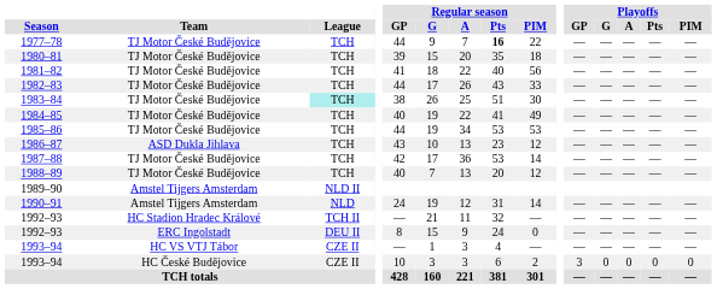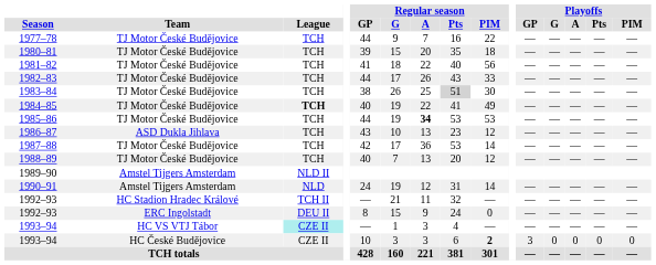 <table border="0" cellpadding="1" cellspacing="0" style="text-align:center; width:60em">
 <tr bgcolor="#e0e0e0">
 <th colspan="3" bgcolor="#ffffff"> </th>
 <th rowspan="99" bgcolor="#ffffff"> </th>
 <th colspan="5"><a href='#'>Regular season</a></th>
 <th rowspan="99" bgcolor="#ffffff"> </th>
 <th colspan="5"><a href='#'>Playoffs</a></th>
 </tr>
 <tr bgcolor="#e0e0e0">
 <th><a href='#'>Season</a></th>
 <th>Team</th>
 <th>League</th>
 <th>GP</th>
 <th><a href='#'>G</a></th>
 <th><a href='#'>A</a></th>
 <th><a href='#'>Pts</a></th>
 <th><a href='#'>PIM</a></th>
 <th>GP</th>
 <th>G</th>
 <th>A</th>
 <th>Pts</th>
 <th>PIM</th>
 </tr>
 <tr>
 <td><a href='#'>1977–78</a></td>
 <td><a href='#'>TJ Motor České Budějovice</a></td>
 <td><a href='#'>TCH</a></td>
 <td>44</td>
 <td>9</td>
 <td>7</td>
-<td><strong>16</strong></td>
+<td>16</td>
 <td>22</td>
 <td>—</td>
 <td>—</td>
 <td>—</td>
 <td>—</td>
 <td>—</td>
 </tr>
 <tr bgcolor="#f0f0f0">
 <td><a href='#'>1980–81</a></td>
 <td>TJ Motor České Budějovice</td>
 <td>TCH</td>
 <td>39</td>
 <td>15</td>
 <td>20</td>
 <td>35</td>
 <td>18</td>
 <td>—</td>
 <td>—</td>
 <td>—</td>
 <td>—</td>
 <td>—</td>
 </tr>
 <tr>
 <td><a href='#'>1981–82</a></td>
 <td>TJ Motor České Budějovice</td>
 <td>TCH</td>
 <td>41</td>
 <td>18</td>
 <td>22</td>
 <td>40</td>
 <td>56</td>
 <td>—</td>
 <td>—</td>
 <td>—</td>
 <td>—</td>
 <td>—</td>
 </tr>
 <tr bgcolor="#f0f0f0">
 <td><a href='#'>1982–83</a></td>
 <td>TJ Motor České Budějovice</td>
 <td>TCH</td>
 <td>44</td>
 <td>17</td>
 <td>26</td>
 <td>43</td>
 <td>33</td>
 <td>—</td>
 <td>—</td>
 <td>—</td>
 <td>—</td>
 <td>—</td>
 </tr>
 <tr>
 <td><a href='#'>1983–84</a></td>
 <td>TJ Motor České Budějovice</td>
-<td style="background: paleturquoise;">TCH</td>
+<td>TCH</td>
 <td>38</td>
 <td>26</td>
 <td>25</td>
-<td>51</td>
+<td style="background: lightgrey;">51</td>
 <td>30</td>
 <td>—</td>
 <td>—</td>
 <td>—</td>
 <td>—</td>
 <td>—</td>
 </tr>
 <tr bgcolor="#f0f0f0">
 <td><a href='#'>1984–85</a></td>
 <td>TJ Motor České Budějovice</td>
-<td>TCH</td>
+<td><strong>TCH</strong></td>
 <td>40</td>
 <td>19</td>
 <td>22</td>
 <td>41</td>
 <td>49</td>
 <td>—</td>
 <td>—</td>
 <td>—</td>
 <td>—</td>
 <td>—</td>
 </tr>
 <tr>
 <td><a href='#'>1985–86</a></td>
 <td>TJ Motor České Budějovice</td>
 <td>TCH</td>
 <td>44</td>
 <td>19</td>
-<td>34</td>
+<td><strong>34</strong></td>
 <td>53</td>
 <td>53</td>
 <td>—</td>
 <td>—</td>
 <td>—</td>
 <td>—</td>
 <td>—</td>
 </tr>
 <tr bgcolor="#f0f0f0">
 <td><a href='#'>1986–87</a></td>
 <td><a href='#'>ASD Dukla Jihlava</a></td>
 <td>TCH</td>
 <td>43</td>
 <td>10</td>
 <td>13</td>
 <td>23</td>
 <td>12</td>
 <td>—</td>
 <td>—</td>
 <td>—</td>
 <td>—</td>
 <td>—</td>
 </tr>
 <tr>
 <td><a href='#'>1987–88</a></td>
 <td>TJ Motor České Budějovice</td>
 <td>TCH</td>
 <td>42</td>
 <td>17</td>
 <td>36</td>
 <td>53</td>
 <td>14</td>
 <td>—</td>
 <td>—</td>
 <td>—</td>
 <td>—</td>
 <td>—</td>
 </tr>
 <tr bgcolor="#f0f0f0">
 <td><a href='#'>1988–89</a></td>
 <td>TJ Motor České Budějovice</td>
 <td>TCH</td>
 <td>40</td>
 <td>7</td>
 <td>13</td>
 <td>20</td>
 <td>12</td>
 <td>—</td>
 <td>—</td>
 <td>—</td>
 <td>—</td>
 <td>—</td>
 </tr>
 <tr>
 <td>1989–90</td>
 <td><a href='#'>Amstel Tijgers Amsterdam</a></td>
 <td><a href='#'>NLD II</a></td>
 <td></td>
 <td></td>
 <td></td>
 <td></td>
 <td></td>
 <td></td>
 <td></td>
 <td></td>
 <td></td>
 <td></td>
 </tr>
 <tr bgcolor="#f0f0f0">
 <td><a href='#'>1990–91</a></td>
 <td>Amstel Tijgers Amsterdam</td>
 <td><a href='#'>NLD</a></td>
 <td>24</td>
 <td>19</td>
 <td>12</td>
 <td>31</td>
 <td>14</td>
 <td>—</td>
 <td>—</td>
 <td>—</td>
 <td>—</td>
 <td>—</td>
 </tr>
 <tr>
 <td>1992–93</td>
 <td><a href='#'>HC Stadion Hradec Králové</a></td>
 <td><a href='#'>TCH II</a></td>
 <td>—</td>
 <td>21</td>
 <td>11</td>
 <td>32</td>
 <td>—</td>
 <td>—</td>
 <td>—</td>
 <td>—</td>
 <td>—</td>
 <td>—</td>
 </tr>
 <tr bgcolor="#f0f0f0">
 <td>1992–93</td>
 <td><a href='#'>ERC Ingolstadt</a></td>
 <td><a href='#'>DEU II</a></td>
 <td>8</td>
 <td>15</td>
 <td>9</td>
 <td>24</td>
 <td>0</td>
 <td>—</td>
 <td>—</td>
 <td>—</td>
 <td>—</td>
 <td>—</td>
 </tr>
 <tr>
 <td><a href='#'>1993–94</a></td>
 <td><a href='#'>HC VS VTJ Tábor</a></td>
-<td><a href='#'>CZE II</a></td>
+<td style="background: paleturquoise;"><a href='#'>CZE II</a></td>
 <td>—</td>
 <td>1</td>
 <td>3</td>
 <td>4</td>
 <td>—</td>
 <td>—</td>
 <td>—</td>
 <td>—</td>
 <td>—</td>
 <td>—</td>
 </tr>
 <tr bgcolor="#f0f0f0">
 <td>1993–94</td>
 <td>HC České Budějovice</td>
 <td>CZE II</td>
 <td>10</td>
 <td>3</td>
 <td>3</td>
 <td>6</td>
-<td>2</td>
+<td><strong>2</strong></td>
 <td>3</td>
 <td>0</td>
 <td>0</td>
 <td>0</td>
 <td>0</td>
 </tr>
 <tr bgcolor="#e0e0e0">
 <th colspan="3">TCH totals</th>
 <th>428</th>
 <th>160</th>
 <th>221</th>
 <th>381</th>
 <th>301</th>
 <th>—</th>
 <th>—</th>
 <th>—</th>
 <th>—</th>
 <th>—</th>
 </tr>
 </table>
